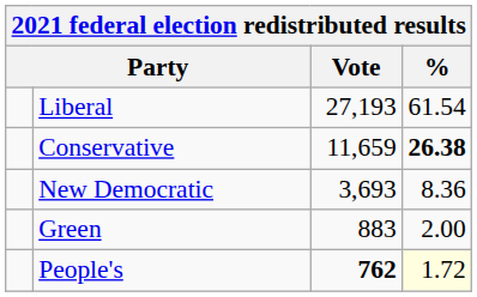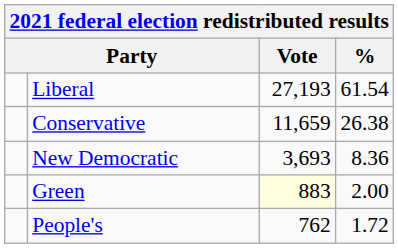 <table class="wikitable">
 <tr>
 <th colspan="4"><a href='#'>2021 federal election</a> redistributed results</th>
 </tr>
 <tr>
 <th bgcolor="#DDDDFF" width="130px" colspan="2">Party</th>
 <th bgcolor="#DDDDFF" width="50px">Vote</th>
 <th bgcolor="#DDDDFF" width="30px">%</th>
 </tr>
 <tr>
 <td> </td>
 <td><a href='#'>Liberal</a></td>
 <td align=right>27,193</td>
 <td align=right>61.54</td>
 </tr>
 <tr>
 <td> </td>
 <td><a href='#'>Conservative</a></td>
 <td align=right>11,659</td>
-<td align=right><strong>26.38</strong></td>
+<td align=right>26.38</td>
 </tr>
 <tr>
 <td> </td>
 <td><a href='#'>New Democratic</a></td>
 <td align=right>3,693</td>
 <td align=right>8.36</td>
 </tr>
 <tr>
 <td> </td>
 <td><a href='#'>Green</a></td>
-<td align=right>883</td>
+<td align=right style="background: lightyellow;">883</td>
 <td align=right>2.00</td>
 </tr>
 <tr>
 <td> </td>
 <td><a href='#'>People's</a></td>
-<td align=right><strong>762</strong></td>
-<td align=right style="background: lightyellow;">1.72</td>
+<td align=right>762</td>
+<td align=right>1.72</td>
 </tr>
 </table>
